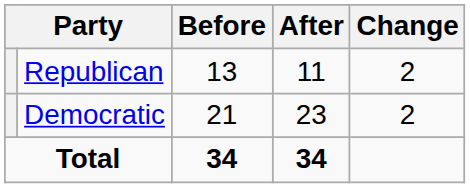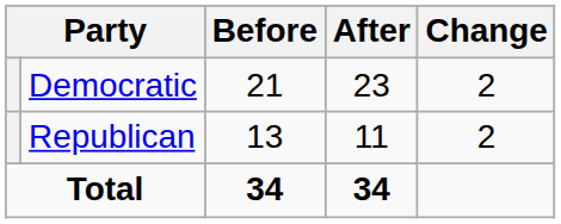 <table class="wikitable" style="text-align:center;">
 <tr>
 <th colspan="2">Party</th>
 <th>Before</th>
 <th>After</th>
 <th>Change</th>
 </tr>
 <tr>
 <th style="background-color:"></th>
-<td style="text-align:left;"><a href='#'>Republican</a></td>
-<td>13</td>
-<td>11</td>
+<td style="text-align:left;"><a href='#'>Democratic</a></td>
+<td>21</td>
+<td>23</td>
 <td> 2</td>
 </tr>
 <tr>
 <th style="background-color:"></th>
-<td style="text-align:left;"><a href='#'>Democratic</a></td>
-<td>21</td>
-<td>23</td>
+<td style="text-align:left;"><a href='#'>Republican</a></td>
+<td>13</td>
+<td>11</td>
 <td> 2</td>
 </tr>
 <tr>
 <td colspan="2"><strong>Total</strong></td>
 <td><strong>34</strong></td>
 <td><strong>34</strong></td>
 <td></td>
 </tr>
 </table>
